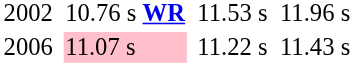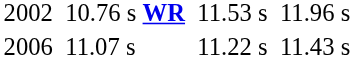 <table>
 <tr>
 <td>2002</td>
 <td></td>
 <td>10.76 s <strong><a href='#'>WR</a></strong></td>
 <td></td>
 <td>11.53 s</td>
 <td></td>
 <td>11.96 s</td>
 </tr>
 <tr>
 <td>2006</td>
 <td></td>
-<td style="background: pink;">11.07 s</td>
+<td>11.07 s</td>
 <td></td>
 <td>11.22 s</td>
 <td></td>
 <td>11.43 s</td>
 </tr>
 </table>
